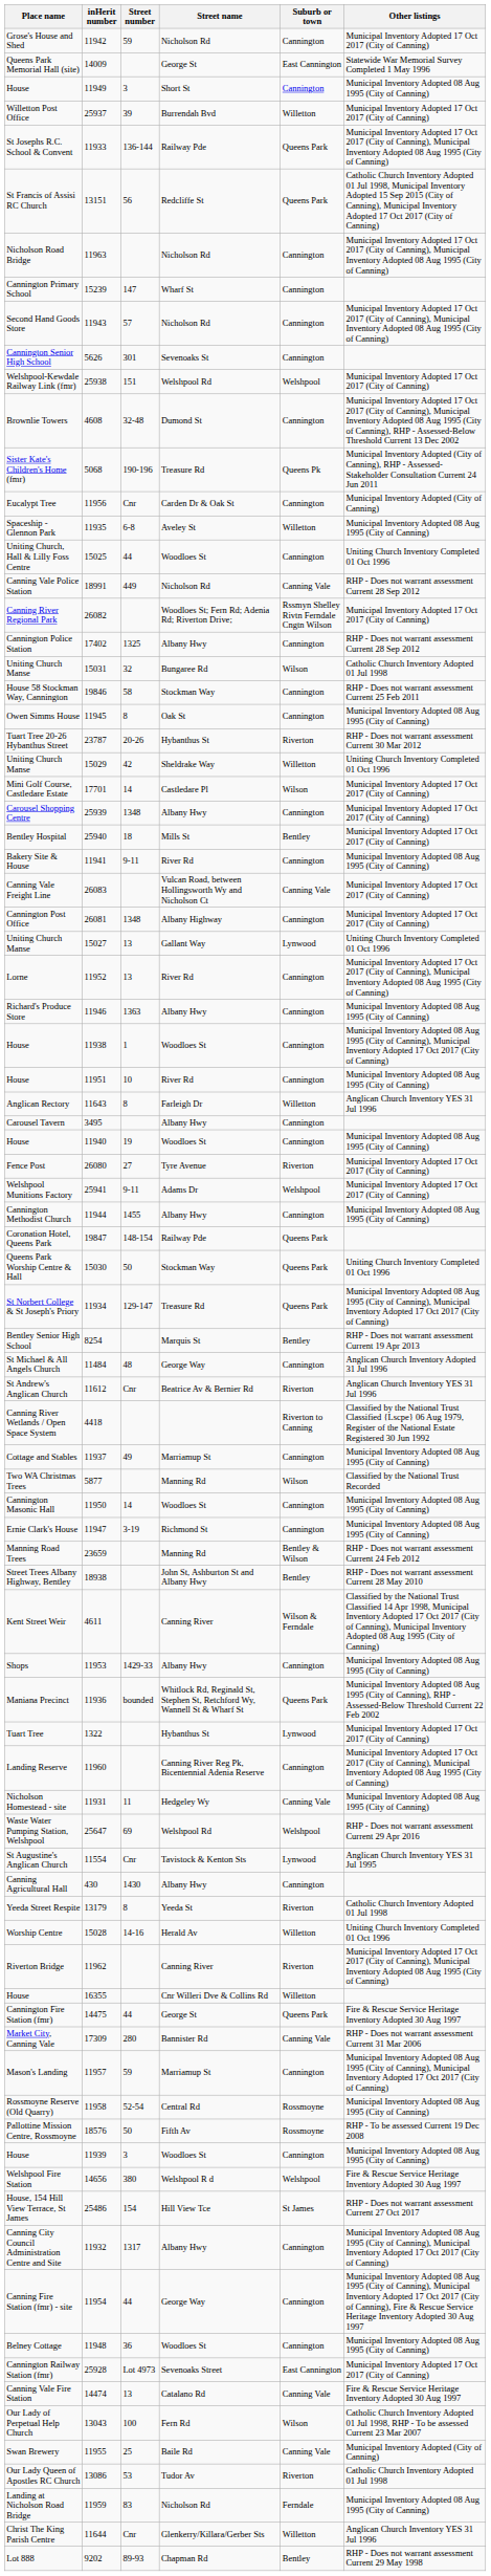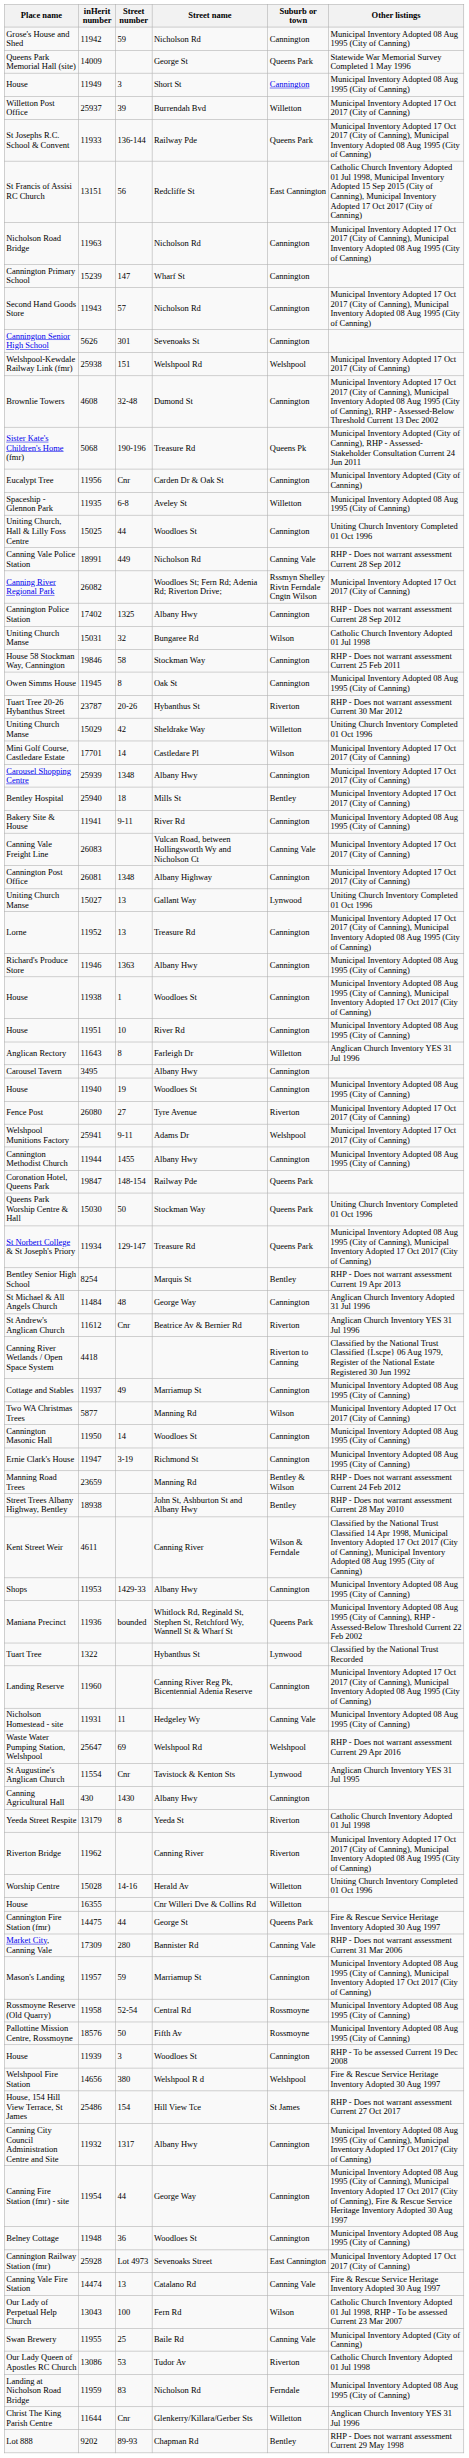 <table class="wikitable sortable">
 <tr>
 <th>Place name</th>
 <th>inHerit number</th>
 <th>Street number</th>
 <th>Street name</th>
 <th>Suburb or town</th>
 <th>Other listings</th>
 </tr>
 <tr>
 <td>Grose's House and Shed</td>
 <td>11942</td>
 <td>59</td>
 <td>Nicholson Rd</td>
 <td>Cannington</td>
-<td>Municipal Inventory Adopted 17 Oct 2017 (City of Canning)</td>
+<td>Municipal Inventory Adopted 08 Aug 1995 (City of Canning)</td>
 </tr>
 <tr>
 <td>Queens Park Memorial Hall (site)</td>
 <td>14009</td>
 <td></td>
 <td>George St</td>
-<td>East Cannington</td>
+<td>Queens Park</td>
 <td>Statewide War Memorial Survey Completed 1 May 1996</td>
 </tr>
 <tr>
 <td>House</td>
 <td>11949</td>
 <td>3</td>
 <td>Short St</td>
 <td><a href='#'>Cannington</a></td>
 <td>Municipal Inventory Adopted 08 Aug 1995 (City of Canning)</td>
 </tr>
 <tr>
 <td>Willetton Post Office</td>
 <td>25937</td>
 <td>39</td>
 <td>Burrendah Bvd</td>
 <td>Willetton</td>
 <td>Municipal Inventory Adopted 17 Oct 2017 (City of Canning)</td>
 </tr>
 <tr>
 <td>St Josephs R.C. School & Convent</td>
 <td>11933</td>
 <td>136-144</td>
 <td>Railway Pde</td>
 <td>Queens Park</td>
 <td>Municipal Inventory Adopted 17 Oct 2017 (City of Canning), Municipal Inventory Adopted 08 Aug 1995 (City of Canning)</td>
 </tr>
 <tr>
 <td>St Francis of Assisi RC Church</td>
 <td>13151</td>
 <td>56</td>
 <td>Redcliffe St</td>
-<td>Queens Park</td>
+<td>East Cannington</td>
 <td>Catholic Church Inventory Adopted 01 Jul 1998, Municipal Inventory Adopted 15 Sep 2015 (City of Canning), Municipal Inventory Adopted 17 Oct 2017 (City of Canning)</td>
 </tr>
 <tr>
 <td>Nicholson Road Bridge</td>
 <td>11963</td>
 <td></td>
 <td>Nicholson Rd</td>
 <td>Cannington</td>
 <td>Municipal Inventory Adopted 17 Oct 2017 (City of Canning), Municipal Inventory Adopted 08 Aug 1995 (City of Canning)</td>
 </tr>
 <tr>
 <td>Cannington Primary School</td>
 <td>15239</td>
 <td>147</td>
 <td>Wharf St</td>
 <td>Cannington</td>
 <td></td>
 </tr>
 <tr>
 <td>Second Hand Goods Store</td>
 <td>11943</td>
 <td>57</td>
 <td>Nicholson Rd</td>
 <td>Cannington</td>
 <td>Municipal Inventory Adopted 17 Oct 2017 (City of Canning), Municipal Inventory Adopted 08 Aug 1995 (City of Canning)</td>
 </tr>
 <tr>
 <td><a href='#'>Cannington Senior High School</a></td>
 <td>5626</td>
 <td>301</td>
 <td>Sevenoaks St</td>
 <td>Cannington</td>
 <td></td>
 </tr>
 <tr>
 <td>Welshpool-Kewdale Railway Link (fmr)</td>
 <td>25938</td>
 <td>151</td>
 <td>Welshpool Rd</td>
 <td>Welshpool</td>
 <td>Municipal Inventory Adopted 17 Oct 2017 (City of Canning)</td>
 </tr>
 <tr>
 <td>Brownlie Towers</td>
 <td>4608</td>
 <td>32-48</td>
 <td>Dumond St</td>
 <td>Cannington</td>
 <td>Municipal Inventory Adopted 17 Oct 2017 (City of Canning), Municipal Inventory Adopted 08 Aug 1995 (City of Canning), RHP - Assessed-Below Threshold Current 13 Dec 2002</td>
 </tr>
 <tr>
 <td><a href='#'>Sister Kate's Children's Home</a> (fmr)</td>
 <td>5068</td>
 <td>190-196</td>
 <td>Treasure Rd</td>
 <td>Queens Pk</td>
 <td>Municipal Inventory Adopted  (City of Canning), RHP - Assessed-Stakeholder Consultation Current 24 Jun 2011</td>
 </tr>
 <tr>
 <td>Eucalypt Tree</td>
 <td>11956</td>
 <td>Cnr</td>
 <td>Carden Dr & Oak St</td>
 <td>Cannington</td>
 <td>Municipal Inventory Adopted  (City of Canning)</td>
 </tr>
 <tr>
 <td>Spaceship - Glennon Park</td>
 <td>11935</td>
 <td>6-8</td>
 <td>Aveley St</td>
 <td>Willetton</td>
 <td>Municipal Inventory Adopted 08 Aug 1995 (City of Canning)</td>
 </tr>
 <tr>
 <td>Uniting Church, Hall & Lilly Foss Centre</td>
 <td>15025</td>
 <td>44</td>
 <td>Woodloes St</td>
 <td>Cannington</td>
 <td>Uniting Church Inventory Completed 01 Oct 1996</td>
 </tr>
 <tr>
 <td>Canning Vale Police Station</td>
 <td>18991</td>
 <td>449</td>
 <td>Nicholson Rd</td>
 <td>Canning Vale</td>
 <td>RHP - Does not warrant assessment Current 28 Sep 2012</td>
 </tr>
 <tr>
 <td><a href='#'>Canning River Regional Park</a></td>
 <td>26082</td>
 <td></td>
 <td>Woodloes St; Fern Rd; Adenia Rd; Riverton Drive;</td>
 <td>Rssmyn Shelley Rivtn Ferndale Cngtn Wilson</td>
 <td>Municipal Inventory Adopted 17 Oct 2017 (City of Canning)</td>
 </tr>
 <tr>
 <td>Cannington Police Station</td>
 <td>17402</td>
 <td>1325</td>
 <td>Albany Hwy</td>
 <td>Cannington</td>
 <td>RHP - Does not warrant assessment Current 28 Sep 2012</td>
 </tr>
 <tr>
 <td>Uniting Church Manse</td>
 <td>15031</td>
 <td>32</td>
 <td>Bungaree Rd</td>
 <td>Wilson</td>
 <td>Catholic Church Inventory Adopted 01 Jul 1998</td>
 </tr>
 <tr>
 <td>House 58 Stockman Way, Cannington</td>
 <td>19846</td>
 <td>58</td>
 <td>Stockman Way</td>
 <td>Cannington</td>
 <td>RHP - Does not warrant assessment Current 25 Feb 2011</td>
 </tr>
 <tr>
 <td>Owen Simms House</td>
 <td>11945</td>
 <td>8</td>
 <td>Oak St</td>
 <td>Cannington</td>
 <td>Municipal Inventory Adopted 08 Aug 1995 (City of Canning)</td>
 </tr>
 <tr>
 <td>Tuart Tree 20-26 Hybanthus Street</td>
 <td>23787</td>
 <td>20-26</td>
 <td>Hybanthus St</td>
 <td>Riverton</td>
 <td>RHP - Does not warrant assessment Current 30 Mar 2012</td>
 </tr>
 <tr>
 <td>Uniting Church Manse</td>
 <td>15029</td>
 <td>42</td>
 <td>Sheldrake Way</td>
 <td>Willetton</td>
 <td>Uniting Church Inventory Completed 01 Oct 1996</td>
 </tr>
 <tr>
 <td>Mini Golf Course, Castledare Estate</td>
 <td>17701</td>
 <td>14</td>
 <td>Castledare Pl</td>
 <td>Wilson</td>
 <td>Municipal Inventory Adopted 17 Oct 2017 (City of Canning)</td>
 </tr>
 <tr>
 <td><a href='#'>Carousel Shopping Centre</a></td>
 <td>25939</td>
 <td>1348</td>
 <td>Albany Hwy</td>
 <td>Cannington</td>
 <td>Municipal Inventory Adopted 17 Oct 2017 (City of Canning)</td>
 </tr>
 <tr>
 <td>Bentley Hospital</td>
 <td>25940</td>
 <td>18</td>
 <td>Mills St</td>
 <td>Bentley</td>
 <td>Municipal Inventory Adopted 17 Oct 2017 (City of Canning)</td>
 </tr>
 <tr>
 <td>Bakery Site & House</td>
 <td>11941</td>
 <td>9-11</td>
 <td>River Rd</td>
 <td>Cannington</td>
 <td>Municipal Inventory Adopted 08 Aug 1995 (City of Canning)</td>
 </tr>
 <tr>
 <td>Canning Vale Freight Line</td>
 <td>26083</td>
 <td></td>
 <td>Vulcan Road, between Hollingsworth Wy and Nicholson Ct</td>
 <td>Canning Vale</td>
 <td>Municipal Inventory Adopted 17 Oct 2017 (City of Canning)</td>
 </tr>
 <tr>
 <td>Cannington Post Office</td>
 <td>26081</td>
 <td>1348</td>
 <td>Albany Highway</td>
 <td>Cannington</td>
 <td>Municipal Inventory Adopted 17 Oct 2017 (City of Canning)</td>
 </tr>
 <tr>
 <td>Uniting Church Manse</td>
 <td>15027</td>
 <td>13</td>
 <td>Gallant Way</td>
 <td>Lynwood</td>
 <td>Uniting Church Inventory Completed 01 Oct 1996</td>
 </tr>
 <tr>
 <td>Lorne</td>
 <td>11952</td>
 <td>13</td>
-<td>River Rd</td>
+<td>Treasure Rd</td>
 <td>Cannington</td>
 <td>Municipal Inventory Adopted 17 Oct 2017 (City of Canning), Municipal Inventory Adopted 08 Aug 1995 (City of Canning)</td>
 </tr>
 <tr>
 <td>Richard's Produce Store</td>
 <td>11946</td>
 <td>1363</td>
 <td>Albany Hwy</td>
 <td>Cannington</td>
 <td>Municipal Inventory Adopted 08 Aug 1995 (City of Canning)</td>
 </tr>
 <tr>
 <td>House</td>
 <td>11938</td>
 <td>1</td>
 <td>Woodloes St</td>
 <td>Cannington</td>
 <td>Municipal Inventory Adopted 08 Aug 1995 (City of Canning), Municipal Inventory Adopted 17 Oct 2017 (City of Canning)</td>
 </tr>
 <tr>
 <td>House</td>
 <td>11951</td>
 <td>10</td>
 <td>River Rd</td>
 <td>Cannington</td>
 <td>Municipal Inventory Adopted 08 Aug 1995 (City of Canning)</td>
 </tr>
 <tr>
 <td>Anglican Rectory</td>
 <td>11643</td>
 <td>8</td>
 <td>Farleigh Dr</td>
 <td>Willetton</td>
 <td>Anglican Church Inventory YES 31 Jul 1996</td>
 </tr>
 <tr>
 <td>Carousel Tavern</td>
 <td>3495</td>
 <td></td>
 <td>Albany Hwy</td>
 <td>Cannington</td>
 <td></td>
 </tr>
 <tr>
 <td>House</td>
 <td>11940</td>
 <td>19</td>
 <td>Woodloes St</td>
 <td>Cannington</td>
 <td>Municipal Inventory Adopted 08 Aug 1995 (City of Canning)</td>
 </tr>
 <tr>
 <td>Fence Post</td>
 <td>26080</td>
 <td>27</td>
 <td>Tyre Avenue</td>
 <td>Riverton</td>
 <td>Municipal Inventory Adopted 17 Oct 2017 (City of Canning)</td>
 </tr>
 <tr>
 <td>Welshpool Munitions Factory</td>
 <td>25941</td>
 <td>9-11</td>
 <td>Adams Dr</td>
 <td>Welshpool</td>
 <td>Municipal Inventory Adopted 17 Oct 2017 (City of Canning)</td>
 </tr>
 <tr>
 <td>Cannington Methodist Church</td>
 <td>11944</td>
 <td>1455</td>
 <td>Albany Hwy</td>
 <td>Cannington</td>
 <td>Municipal Inventory Adopted 08 Aug 1995 (City of Canning)</td>
 </tr>
 <tr>
 <td>Coronation Hotel, Queens Park</td>
 <td>19847</td>
 <td>148-154</td>
 <td>Railway Pde</td>
 <td>Queens Park</td>
 <td></td>
 </tr>
 <tr>
 <td>Queens Park Worship Centre & Hall</td>
 <td>15030</td>
 <td>50</td>
 <td>Stockman Way</td>
 <td>Queens Park</td>
 <td>Uniting Church Inventory Completed 01 Oct 1996</td>
 </tr>
 <tr>
 <td><a href='#'>St Norbert College</a> & St Joseph's Priory</td>
 <td>11934</td>
 <td>129-147</td>
 <td>Treasure Rd</td>
 <td>Queens Park</td>
 <td>Municipal Inventory Adopted 08 Aug 1995 (City of Canning), Municipal Inventory Adopted 17 Oct 2017 (City of Canning)</td>
 </tr>
 <tr>
 <td>Bentley Senior High School</td>
 <td>8254</td>
 <td></td>
 <td>Marquis St</td>
 <td>Bentley</td>
 <td>RHP - Does not warrant assessment Current 19 Apr 2013</td>
 </tr>
 <tr>
 <td>St Michael & All Angels Church</td>
 <td>11484</td>
 <td>48</td>
 <td>George Way</td>
 <td>Cannington</td>
 <td>Anglican Church Inventory Adopted 31 Jul 1996</td>
 </tr>
 <tr>
 <td>St Andrew's Anglican Church</td>
 <td>11612</td>
 <td>Cnr</td>
 <td>Beatrice Av & Bernier Rd</td>
 <td>Riverton</td>
 <td>Anglican Church Inventory YES 31 Jul 1996</td>
 </tr>
 <tr>
 <td>Canning River Wetlands / Open Space System</td>
 <td>4418</td>
 <td></td>
 <td></td>
 <td>Riverton to Canning</td>
 <td>Classified by the National Trust Classified {Lscpe} 06 Aug 1979, Register of the National Estate Registered 30 Jun 1992</td>
 </tr>
 <tr>
 <td>Cottage and Stables</td>
 <td>11937</td>
 <td>49</td>
 <td>Marriamup St</td>
 <td>Cannington</td>
 <td>Municipal Inventory Adopted 08 Aug 1995 (City of Canning)</td>
 </tr>
 <tr>
 <td>Two WA Christmas Trees</td>
 <td>5877</td>
 <td></td>
 <td>Manning Rd</td>
 <td>Wilson</td>
-<td>Classified by the National Trust Recorded</td>
+<td>Municipal Inventory Adopted 17 Oct 2017 (City of Canning)</td>
 </tr>
 <tr>
 <td>Cannington Masonic Hall</td>
 <td>11950</td>
 <td>14</td>
 <td>Woodloes St</td>
 <td>Cannington</td>
 <td>Municipal Inventory Adopted 08 Aug 1995 (City of Canning)</td>
 </tr>
 <tr>
 <td>Ernie Clark's House</td>
 <td>11947</td>
 <td>3-19</td>
 <td>Richmond St</td>
 <td>Cannington</td>
 <td>Municipal Inventory Adopted 08 Aug 1995 (City of Canning)</td>
 </tr>
 <tr>
 <td>Manning Road Trees</td>
 <td>23659</td>
 <td></td>
 <td>Manning Rd</td>
 <td>Bentley & Wilson</td>
 <td>RHP - Does not warrant assessment Current 24 Feb 2012</td>
 </tr>
 <tr>
 <td>Street Trees Albany Highway, Bentley</td>
 <td>18938</td>
 <td></td>
 <td>John St, Ashburton St and Albany Hwy</td>
 <td>Bentley</td>
 <td>RHP - Does not warrant assessment Current 28 May 2010</td>
 </tr>
 <tr>
 <td>Kent Street Weir</td>
 <td>4611</td>
 <td></td>
 <td>Canning River</td>
 <td>Wilson & Ferndale</td>
 <td>Classified by the National Trust Classified 14 Apr 1998, Municipal Inventory Adopted 17 Oct 2017 (City of Canning), Municipal Inventory Adopted 08 Aug 1995 (City of Canning)</td>
 </tr>
 <tr>
 <td>Shops</td>
 <td>11953</td>
 <td>1429-33</td>
 <td>Albany Hwy</td>
 <td>Cannington</td>
 <td>Municipal Inventory Adopted 08 Aug 1995 (City of Canning)</td>
 </tr>
 <tr>
 <td>Maniana Precinct</td>
 <td>11936</td>
 <td>bounded</td>
 <td>Whitlock Rd, Reginald St, Stephen St, Retchford Wy, Wannell St & Wharf St</td>
 <td>Queens Park</td>
 <td>Municipal Inventory Adopted 08 Aug 1995 (City of Canning), RHP - Assessed-Below Threshold Current 22 Feb 2002</td>
 </tr>
 <tr>
 <td>Tuart Tree</td>
 <td>1322</td>
 <td></td>
 <td>Hybanthus St</td>
 <td>Lynwood</td>
-<td>Municipal Inventory Adopted 17 Oct 2017 (City of Canning)</td>
+<td>Classified by the National Trust Recorded</td>
 </tr>
 <tr>
 <td>Landing Reserve</td>
 <td>11960</td>
 <td></td>
 <td>Canning River Reg Pk, Bicentennial Adenia Reserve</td>
 <td>Cannington</td>
 <td>Municipal Inventory Adopted 17 Oct 2017 (City of Canning), Municipal Inventory Adopted 08 Aug 1995 (City of Canning)</td>
 </tr>
 <tr>
 <td>Nicholson Homestead - site</td>
 <td>11931</td>
 <td>11</td>
 <td>Hedgeley Wy</td>
 <td>Canning Vale</td>
 <td>Municipal Inventory Adopted 08 Aug 1995 (City of Canning)</td>
 </tr>
 <tr>
 <td>Waste Water Pumping Station, Welshpool</td>
 <td>25647</td>
 <td>69</td>
 <td>Welshpool Rd</td>
 <td>Welshpool</td>
 <td>RHP - Does not warrant assessment Current 29 Apr 2016</td>
 </tr>
 <tr>
 <td>St Augustine's Anglican Church</td>
 <td>11554</td>
 <td>Cnr</td>
 <td>Tavistock & Kenton Sts</td>
 <td>Lynwood</td>
 <td>Anglican Church Inventory YES 31 Jul 1995</td>
 </tr>
 <tr>
 <td>Canning Agricultural Hall</td>
 <td>430</td>
 <td>1430</td>
 <td>Albany Hwy</td>
 <td>Cannington</td>
 <td></td>
 </tr>
 <tr>
 <td>Yeeda Street Respite</td>
 <td>13179</td>
 <td>8</td>
 <td>Yeeda St</td>
 <td>Riverton</td>
 <td>Catholic Church Inventory Adopted 01 Jul 1998</td>
 </tr>
 <tr>
+<td>Riverton Bridge</td>
+<td>11962</td>
+<td></td>
+<td>Canning River</td>
+<td>Riverton</td>
+<td>Municipal Inventory Adopted 17 Oct 2017 (City of Canning), Municipal Inventory Adopted 08 Aug 1995 (City of Canning)</td>
+</tr>
+<tr>
 <td>Worship Centre</td>
 <td>15028</td>
 <td>14-16</td>
 <td>Herald Av</td>
 <td>Willetton</td>
 <td>Uniting Church Inventory Completed 01 Oct 1996</td>
-</tr>
-<tr>
-<td>Riverton Bridge</td>
-<td>11962</td>
-<td></td>
-<td>Canning River</td>
-<td>Riverton</td>
-<td>Municipal Inventory Adopted 17 Oct 2017 (City of Canning), Municipal Inventory Adopted 08 Aug 1995 (City of Canning)</td>
 </tr>
 <tr>
 <td>House</td>
 <td>16355</td>
 <td></td>
 <td>Cnr Willeri Dve & Collins Rd</td>
 <td>Willetton</td>
 <td></td>
 </tr>
 <tr>
 <td>Cannington Fire Station (fmr)</td>
 <td>14475</td>
 <td>44</td>
 <td>George St</td>
 <td>Queens Park</td>
 <td>Fire & Rescue Service Heritage Inventory Adopted 30 Aug 1997</td>
 </tr>
 <tr>
 <td><a href='#'>Market City</a>, Canning Vale</td>
 <td>17309</td>
 <td>280</td>
 <td>Bannister Rd</td>
 <td>Canning Vale</td>
 <td>RHP - Does not warrant assessment Current 31 Mar 2006</td>
 </tr>
 <tr>
 <td>Mason's Landing</td>
 <td>11957</td>
 <td>59</td>
 <td>Marriamup St</td>
 <td>Cannington</td>
 <td>Municipal Inventory Adopted 08 Aug 1995 (City of Canning), Municipal Inventory Adopted 17 Oct 2017 (City of Canning)</td>
 </tr>
 <tr>
 <td>Rossmoyne Reserve (Old Quarry)</td>
 <td>11958</td>
 <td>52-54</td>
 <td>Central Rd</td>
 <td>Rossmoyne</td>
 <td>Municipal Inventory Adopted 08 Aug 1995 (City of Canning)</td>
 </tr>
 <tr>
 <td>Pallottine Mission Centre, Rossmoyne</td>
 <td>18576</td>
 <td>50</td>
 <td>Fifth Av</td>
 <td>Rossmoyne</td>
-<td>RHP - To be assessed Current 19 Dec 2008</td>
+<td>Municipal Inventory Adopted 08 Aug 1995 (City of Canning)</td>
 </tr>
 <tr>
 <td>House</td>
 <td>11939</td>
 <td>3</td>
 <td>Woodloes St</td>
 <td>Cannington</td>
-<td>Municipal Inventory Adopted 08 Aug 1995 (City of Canning)</td>
+<td>RHP - To be assessed Current 19 Dec 2008</td>
 </tr>
 <tr>
 <td>Welshpool Fire Station</td>
 <td>14656</td>
 <td>380</td>
 <td>Welshpool R d</td>
 <td>Welshpool</td>
 <td>Fire & Rescue Service Heritage Inventory Adopted 30 Aug 1997</td>
 </tr>
 <tr>
 <td>House, 154 Hill View Terrace, St James</td>
 <td>25486</td>
 <td>154</td>
 <td>Hill View Tce</td>
 <td>St James</td>
 <td>RHP - Does not warrant assessment Current 27 Oct 2017</td>
 </tr>
 <tr>
 <td>Canning City Council Administration Centre and Site</td>
 <td>11932</td>
 <td>1317</td>
 <td>Albany Hwy</td>
 <td>Cannington</td>
 <td>Municipal Inventory Adopted 08 Aug 1995 (City of Canning), Municipal Inventory Adopted 17 Oct 2017 (City of Canning)</td>
 </tr>
 <tr>
 <td>Canning Fire Station (fmr) - site</td>
 <td>11954</td>
 <td>44</td>
 <td>George Way</td>
 <td>Cannington</td>
 <td>Municipal Inventory Adopted 08 Aug 1995 (City of Canning), Municipal Inventory Adopted 17 Oct 2017 (City of Canning), Fire & Rescue Service Heritage Inventory Adopted 30 Aug 1997</td>
 </tr>
 <tr>
 <td>Belney Cottage</td>
 <td>11948</td>
 <td>36</td>
 <td>Woodloes St</td>
 <td>Cannington</td>
 <td>Municipal Inventory Adopted 08 Aug 1995 (City of Canning)</td>
 </tr>
 <tr>
 <td>Cannington Railway Station (fmr)</td>
 <td>25928</td>
 <td>Lot 4973</td>
 <td>Sevenoaks Street</td>
 <td>East Cannington</td>
 <td>Municipal Inventory Adopted 17 Oct 2017 (City of Canning)</td>
 </tr>
 <tr>
 <td>Canning Vale Fire Station</td>
 <td>14474</td>
 <td>13</td>
 <td>Catalano Rd</td>
 <td>Canning Vale</td>
 <td>Fire & Rescue Service Heritage Inventory Adopted 30 Aug 1997</td>
 </tr>
 <tr>
 <td>Our Lady of Perpetual Help Church</td>
 <td>13043</td>
 <td>100</td>
 <td>Fern Rd</td>
 <td>Wilson</td>
 <td>Catholic Church Inventory Adopted 01 Jul 1998, RHP - To be assessed Current 23 Mar 2007</td>
 </tr>
 <tr>
 <td>Swan Brewery</td>
 <td>11955</td>
 <td>25</td>
 <td>Baile Rd</td>
 <td>Canning Vale</td>
 <td>Municipal Inventory Adopted  (City of Canning)</td>
 </tr>
 <tr>
 <td>Our Lady Queen of Apostles RC Church</td>
 <td>13086</td>
 <td>53</td>
 <td>Tudor Av</td>
 <td>Riverton</td>
 <td>Catholic Church Inventory Adopted 01 Jul 1998</td>
 </tr>
 <tr>
 <td>Landing at Nicholson Road Bridge</td>
 <td>11959</td>
 <td>83</td>
 <td>Nicholson Rd</td>
 <td>Ferndale</td>
 <td>Municipal Inventory Adopted 08 Aug 1995 (City of Canning)</td>
 </tr>
 <tr>
 <td>Christ The King Parish Centre</td>
 <td>11644</td>
 <td>Cnr</td>
 <td>Glenkerry/Killara/Gerber Sts</td>
 <td>Willetton</td>
 <td>Anglican Church Inventory YES 31 Jul 1996</td>
 </tr>
 <tr>
 <td>Lot 888</td>
 <td>9202</td>
 <td>89-93</td>
 <td>Chapman Rd</td>
 <td>Bentley</td>
 <td>RHP - Does not warrant assessment Current 29 May 1998</td>
 </tr>
 </table>
